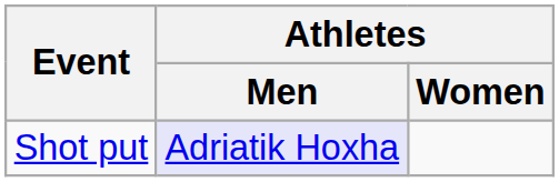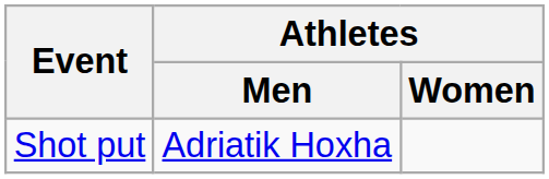 <table class=wikitable style="font-size:90%">
 <tr>
 <th rowspan=2>Event</th>
 <th colspan=2>Athletes</th>
 </tr>
 <tr>
 <th>Men</th>
 <th>Women</th>
 </tr>
 <tr>
 <td><a href='#'>Shot put</a></td>
-<td style="background: lavender;"><a href='#'>Adriatik Hoxha</a></td>
+<td><a href='#'>Adriatik Hoxha</a></td>
 <td></td>
 </tr>
 </table>
